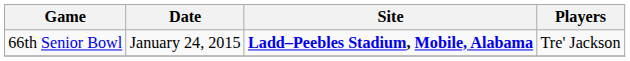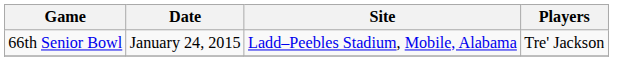 <table class="wikitable">
 <tr>
 <th>Game</th>
 <th>Date</th>
 <th>Site</th>
 <th>Players</th>
 </tr>
 <tr>
 <td>66th <a href='#'>Senior Bowl</a></td>
 <td>January 24, 2015</td>
-<td><strong><a href='#'>Ladd–Peebles Stadium</a>, <a href='#'>Mobile, Alabama</a></strong></td>
+<td><a href='#'>Ladd–Peebles Stadium</a>, <a href='#'>Mobile, Alabama</a></td>
 <td>Tre' Jackson</td>
 </tr>
 <tr style="background: #e3e3e3;">
 </tr>
 <tr>
 </tr>
 </table>
